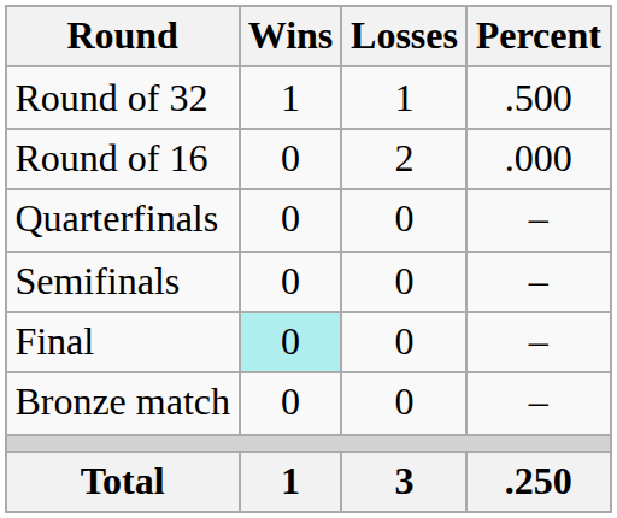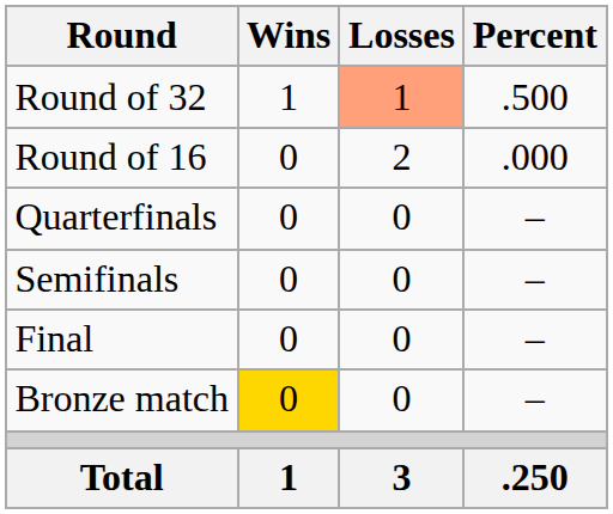 <table class=wikitable>
 <tr>
 <th>Round</th>
 <th>Wins</th>
 <th>Losses</th>
 <th>Percent</th>
 </tr>
 <tr align=center>
 <td align=left>Round of 32</td>
 <td>1</td>
-<td>1</td>
+<td style="background: lightsalmon;">1</td>
 <td>.500</td>
 </tr>
 <tr align=center>
 <td align=left>Round of 16</td>
 <td>0</td>
 <td>2</td>
 <td>.000</td>
 </tr>
 <tr align=center>
 <td align=left>Quarterfinals</td>
 <td>0</td>
 <td>0</td>
 <td>–</td>
 </tr>
 <tr align=center>
 <td align=left>Semifinals</td>
 <td>0</td>
 <td>0</td>
 <td>–</td>
 </tr>
 <tr align=center>
 <td align=left>Final</td>
-<td style="background: paleturquoise;">0</td>
+<td>0</td>
 <td>0</td>
 <td>–</td>
 </tr>
 <tr align=center>
 <td align=left>Bronze match</td>
-<td>0</td>
+<td style="background: gold;">0</td>
 <td>0</td>
 <td>–</td>
 </tr>
 <tr>
 <td colspan=4 bgcolor=lightgray></td>
 </tr>
 <tr>
 <th>Total</th>
 <th>1</th>
 <th>3</th>
 <th>.250</th>
 </tr>
 </table>
